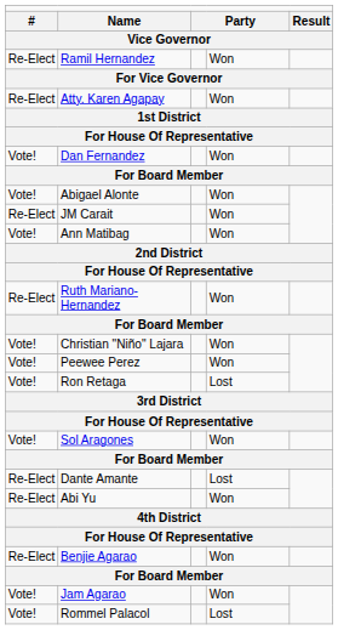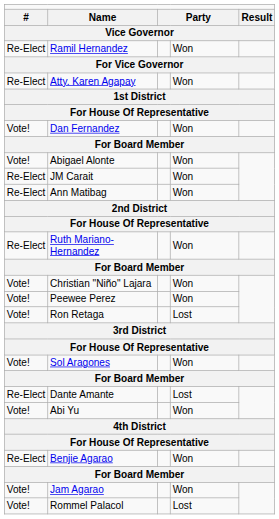 <table class="wikitable" style="font-size:90%">
 <tr>
 <td colspan="5" style="color:inherit;background:"></td>
 </tr>
 <tr>
 <th>#</th>
 <th width=150px>Name</th>
 <th colspan=2 width=110px>Party</th>
 <th>Result</th>
 </tr>
 <tr>
 <th colspan="5">Vice Governor</th>
 </tr>
 <tr>
 <td>Re-Elect</td>
 <td><a href='#'>Ramil Hernandez</a></td>
 <td></td>
 <td>Won</td>
 </tr>
 <tr>
 <th colspan="5">For Vice Governor</th>
 </tr>
 <tr>
 <td>Re-Elect</td>
 <td><a href='#'>Atty. Karen Agapay</a></td>
 <td></td>
 <td>Won</td>
 </tr>
 <tr>
 <th colspan="5">1st District</th>
 </tr>
 <tr>
 <th colspan="5">For House Of Representative</th>
 </tr>
 <tr>
 <td>Vote!</td>
 <td><a href='#'>Dan Fernandez</a></td>
 <td></td>
 <td>Won</td>
 </tr>
 <tr>
 <th colspan="5">For Board Member</th>
 </tr>
 <tr>
 <td>Vote!</td>
 <td>Abigael Alonte</td>
 <td></td>
 <td>Won</td>
 </tr>
 <tr>
 <td>Re-Elect</td>
 <td>JM Carait</td>
 <td></td>
 <td>Won</td>
 </tr>
 <tr>
-<td>Vote!</td>
+<td>Re-Elect</td>
 <td>Ann Matibag</td>
 <td></td>
 <td>Won</td>
 </tr>
 <tr>
 <th colspan="5">2nd District</th>
 </tr>
 <tr>
 <th colspan="5">For House Of Representative</th>
 </tr>
 <tr>
 <td>Re-Elect</td>
 <td><a href='#'>Ruth Mariano-Hernandez</a></td>
 <td></td>
 <td>Won</td>
 </tr>
 <tr>
 <th colspan="5">For Board Member</th>
 </tr>
 <tr>
 <td>Vote!</td>
 <td>Christian "Niño" Lajara</td>
 <td></td>
 <td>Won</td>
 </tr>
 <tr>
 <td>Vote!</td>
 <td>Peewee Perez</td>
 <td></td>
 <td>Won</td>
 </tr>
 <tr>
 <td>Vote!</td>
 <td>Ron Retaga</td>
 <td></td>
 <td>Lost</td>
 </tr>
 <tr>
 <th colspan="5">3rd District</th>
 </tr>
 <tr>
 <th colspan="5">For House Of Representative</th>
 </tr>
 <tr>
 <td>Vote!</td>
 <td><a href='#'>Sol Aragones</a></td>
 <td></td>
 <td>Won</td>
 </tr>
 <tr>
 <th colspan="5">For Board Member</th>
 </tr>
 <tr>
 <td>Re-Elect</td>
 <td>Dante Amante</td>
 <td></td>
 <td>Lost</td>
 </tr>
 <tr>
-<td>Re-Elect</td>
+<td>Vote!</td>
 <td>Abi Yu</td>
 <td></td>
 <td>Won</td>
 </tr>
 <tr>
 <th colspan="5">4th District</th>
 </tr>
 <tr>
 <th colspan="5">For House Of Representative</th>
 </tr>
 <tr>
 <td>Re-Elect</td>
 <td><a href='#'>Benjie Agarao</a></td>
 <td></td>
 <td>Won</td>
 </tr>
 <tr>
 <th colspan="5">For Board Member</th>
 </tr>
 <tr>
 <td>Vote!</td>
 <td><a href='#'>Jam Agarao</a></td>
 <td></td>
 <td>Won</td>
 </tr>
 <tr>
 <td>Vote!</td>
 <td>Rommel Palacol</td>
 <td></td>
 <td>Lost</td>
 </tr>
 </table>
